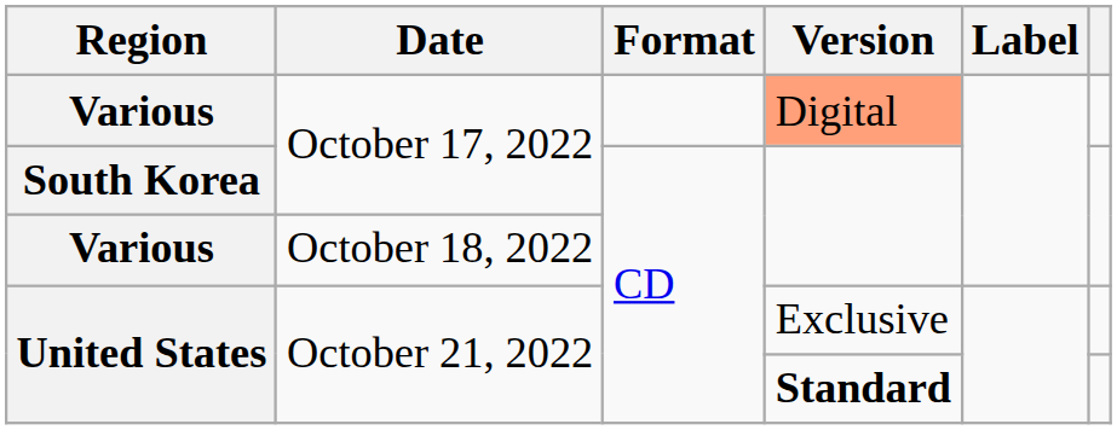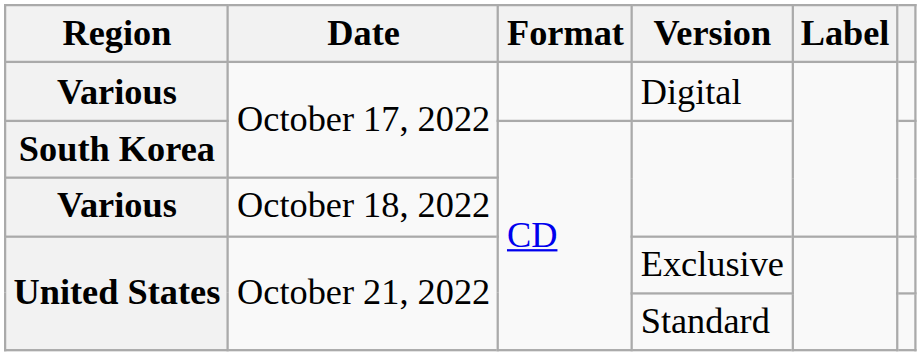 <table class="wikitable plainrowheaders">
 <tr>
 <th scope="col">Region</th>
 <th scope="col">Date</th>
 <th scope="col">Format</th>
 <th scope="col">Version</th>
 <th scope="col">Label</th>
 <th scope="col"></th>
 </tr>
 <tr>
 <th scope="row">Various</th>
 <td rowspan="2">October 17, 2022</td>
 <td></td>
-<td style="background: lightsalmon;">Digital</td>
+<td>Digital</td>
 <td rowspan="3"></td>
 <td style="text-align:center"></td>
 </tr>
 <tr>
 <th scope="row">South Korea</th>
 <td rowspan="4"><a href='#'>CD</a></td>
 <td rowspan="2"></td>
 <td rowspan="2" style="text-align:center"></td>
 </tr>
 <tr>
 <th scope="row">Various</th>
 <td>October 18, 2022</td>
 </tr>
 <tr>
 <th rowspan="2" scope="row">United States</th>
 <td rowspan="2">October 21, 2022</td>
 <td>Exclusive</td>
 <td rowspan="2"></td>
 <td style="text-align:center"></td>
 </tr>
 <tr>
-<td><strong>Standard</strong></td>
+<td>Standard</td>
 <td style="text-align:center"></td>
 </tr>
 </table>
